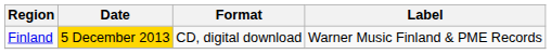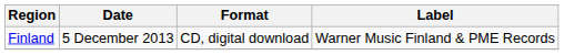 <table class=wikitable>
 <tr>
 <th>Region</th>
 <th>Date</th>
 <th>Format</th>
 <th>Label</th>
 </tr>
 <tr>
 <td><a href='#'>Finland</a></td>
-<td style="background: gold;">5 December 2013</td>
+<td>5 December 2013</td>
 <td>CD, digital download</td>
 <td>Warner Music Finland & PME Records</td>
 </tr>
 <tr>
 </tr>
 </table>
